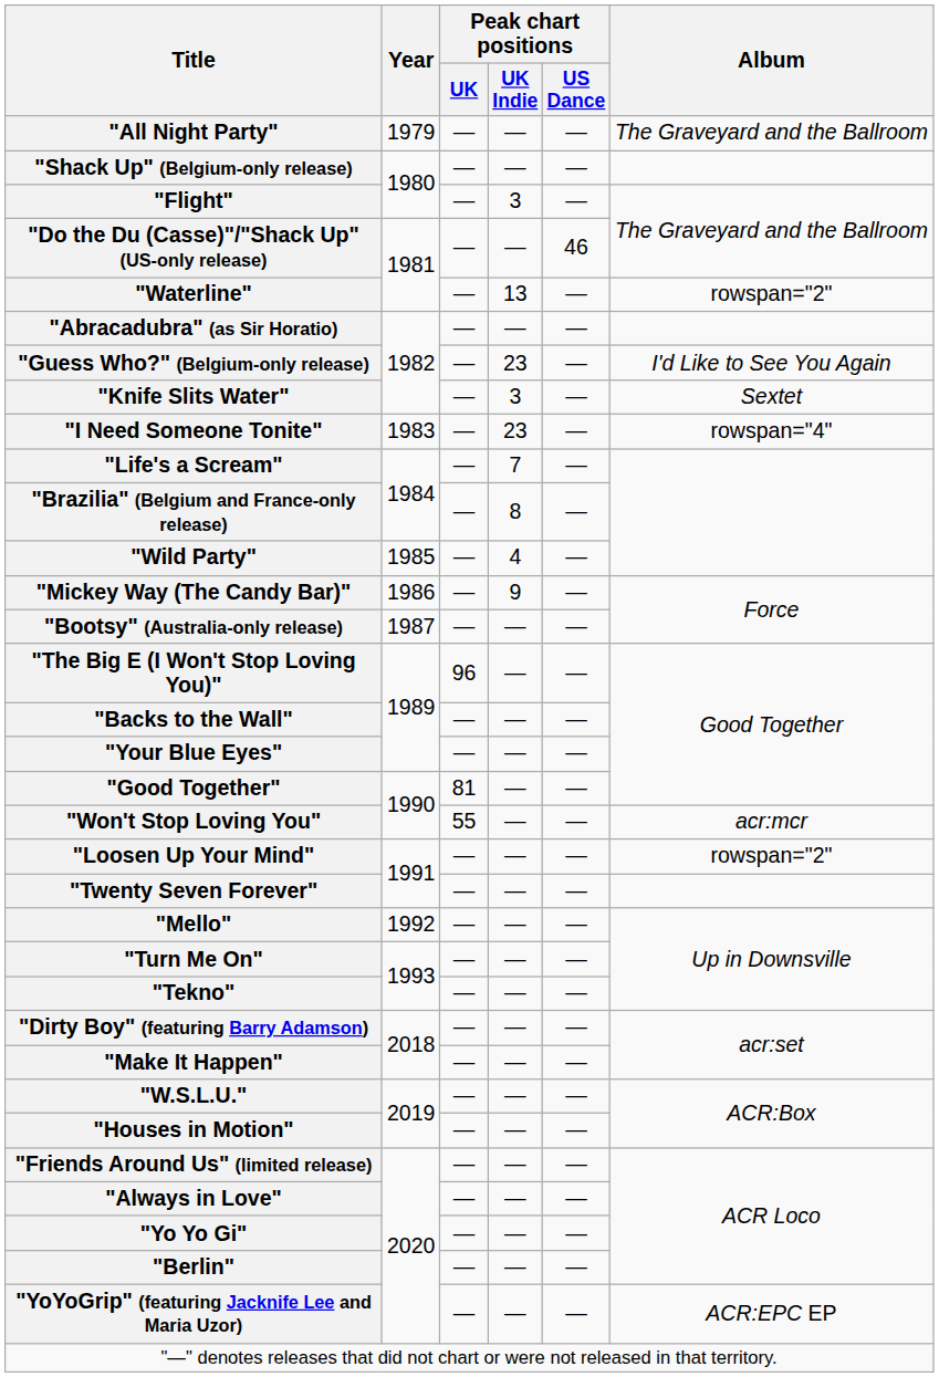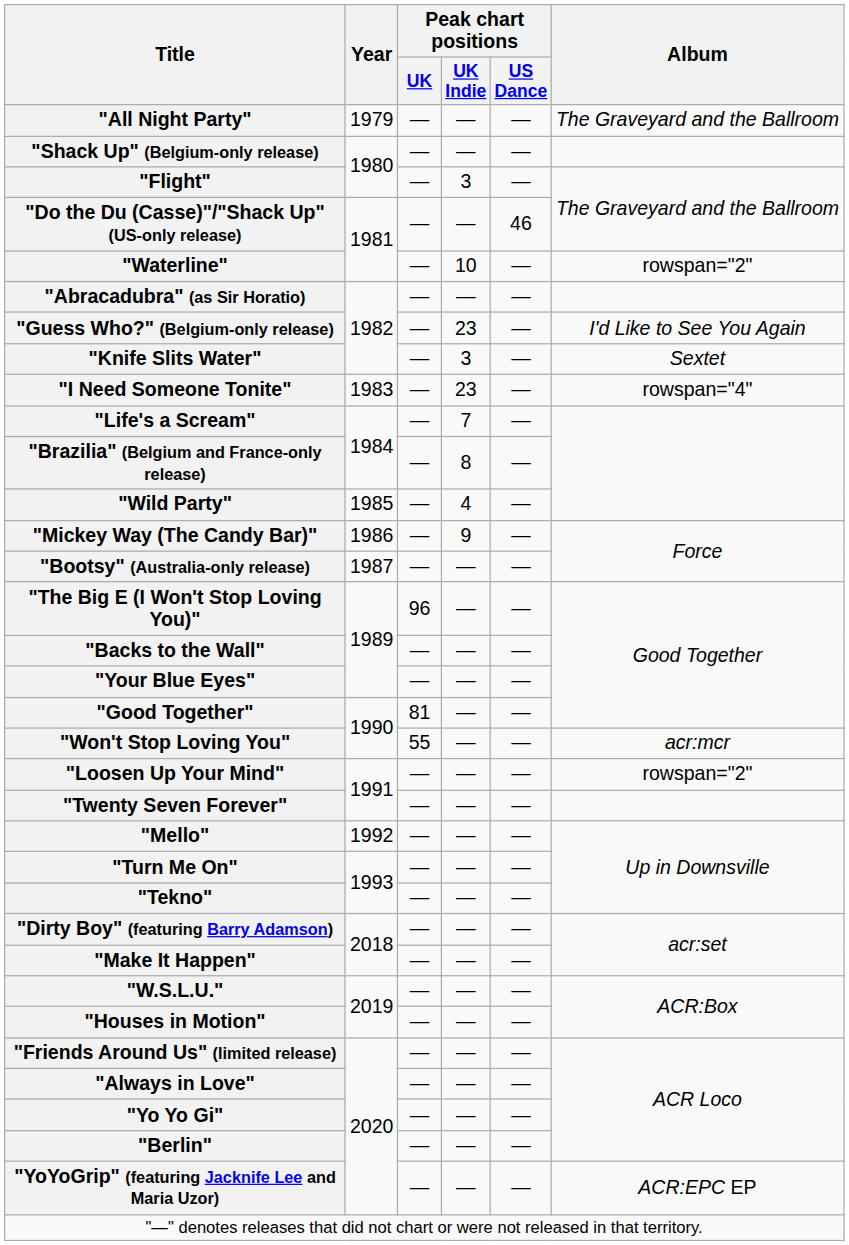 <table class="wikitable plainrowheaders" style="text-align:center;">
 <tr>
 <th rowspan="2" scope="col" style="width:17em;">Title</th>
 <th rowspan="2" scope="col" style="width:2em;">Year</th>
 <th colspan="3">Peak chart positions</th>
 <th rowspan="2">Album</th>
 </tr>
 <tr>
 <th scope="col" style="width:2em;font-size:90%;"><a href='#'>UK</a><br></th>
 <th scope="col" style="width:2em;font-size:90%;"><a href='#'>UK Indie</a><br></th>
 <th scope="col" style="width:2em;font-size:90%;"><a href='#'>US Dance</a><br></th>
 </tr>
 <tr>
 <th scope="row">"All Night Party"</th>
 <td>1979</td>
 <td>—</td>
 <td>—</td>
 <td>—</td>
 <td><em>The Graveyard and the Ballroom</em></td>
 </tr>
 <tr>
 <th scope="row">"Shack Up" <small>(Belgium-only release)</small></th>
 <td rowspan="2">1980</td>
 <td>—</td>
 <td>—</td>
 <td>—</td>
 <td></td>
 </tr>
 <tr>
 <th scope="row">"Flight"</th>
 <td>—</td>
 <td>3</td>
 <td>—</td>
 <td rowspan="2"><em>The Graveyard and the Ballroom</em></td>
 </tr>
 <tr>
 <th scope="row">"Do the Du (Casse)"/"Shack Up" <small>(US-only release)</small></th>
 <td rowspan="2">1981</td>
 <td>—</td>
 <td>—</td>
 <td>46</td>
 </tr>
 <tr>
 <th scope="row">"Waterline"</th>
 <td>—</td>
-<td>13</td>
+<td>10</td>
 <td>—</td>
 <td>rowspan="2" </td>
 </tr>
 <tr>
 <th scope="row">"Abracadubra" <small>(as Sir Horatio)</small></th>
 <td rowspan="3">1982</td>
 <td>—</td>
 <td>—</td>
 <td>—</td>
 </tr>
 <tr>
 <th scope="row">"Guess Who?" <small>(Belgium-only release)</small></th>
 <td>—</td>
 <td>23</td>
 <td>—</td>
 <td><em>I'd Like to See You Again</em></td>
 </tr>
 <tr>
 <th scope="row">"Knife Slits Water"</th>
 <td>—</td>
 <td>3</td>
 <td>—</td>
 <td><em>Sextet</em></td>
 </tr>
 <tr>
 <th scope="row">"I Need Someone Tonite"</th>
 <td>1983</td>
 <td>—</td>
 <td>23</td>
 <td>—</td>
 <td>rowspan="4" </td>
 </tr>
 <tr>
 <th scope="row">"Life's a Scream"</th>
 <td rowspan="2">1984</td>
 <td>—</td>
 <td>7</td>
 <td>—</td>
 </tr>
 <tr>
 <th scope="row">"Brazilia" <small>(Belgium and France-only release)</small></th>
 <td>—</td>
 <td>8</td>
 <td>—</td>
 </tr>
 <tr>
 <th scope="row">"Wild Party"</th>
 <td>1985</td>
 <td>—</td>
 <td>4</td>
 <td>—</td>
 </tr>
 <tr>
 <th scope="row">"Mickey Way (The Candy Bar)"</th>
 <td>1986</td>
 <td>—</td>
 <td>9</td>
 <td>—</td>
 <td rowspan="2"><em>Force</em></td>
 </tr>
 <tr>
 <th scope="row">"Bootsy" <small>(Australia-only release)</small></th>
 <td>1987</td>
 <td>—</td>
 <td>—</td>
 <td>—</td>
 </tr>
 <tr>
 <th scope="row">"The Big E (I Won't Stop Loving You)"</th>
 <td rowspan="3">1989</td>
 <td>96</td>
 <td>—</td>
 <td>—</td>
 <td rowspan="4"><em>Good Together</em></td>
 </tr>
 <tr>
 <th scope="row">"Backs to the Wall"</th>
 <td>—</td>
 <td>—</td>
 <td>—</td>
 </tr>
 <tr>
 <th scope="row">"Your Blue Eyes"</th>
 <td>—</td>
 <td>—</td>
 <td>—</td>
 </tr>
 <tr>
 <th scope="row">"Good Together"</th>
 <td rowspan="2">1990</td>
 <td>81</td>
 <td>—</td>
 <td>—</td>
 </tr>
 <tr>
 <th scope="row">"Won't Stop Loving You"</th>
 <td>55</td>
 <td>—</td>
 <td>—</td>
 <td><em>acr:mcr</em></td>
 </tr>
 <tr>
 <th scope="row">"Loosen Up Your Mind"</th>
 <td rowspan="2">1991</td>
 <td>—</td>
 <td>—</td>
 <td>—</td>
 <td>rowspan="2" </td>
 </tr>
 <tr>
 <th scope="row">"Twenty Seven Forever"</th>
 <td>—</td>
 <td>—</td>
 <td>—</td>
 </tr>
 <tr>
 <th scope="row">"Mello"</th>
 <td>1992</td>
 <td>—</td>
 <td>—</td>
 <td>—</td>
 <td rowspan="3"><em>Up in Downsville</em></td>
 </tr>
 <tr>
 <th scope="row">"Turn Me On"</th>
 <td rowspan="2">1993</td>
 <td>—</td>
 <td>—</td>
 <td>—</td>
 </tr>
 <tr>
 <th scope="row">"Tekno"</th>
 <td>—</td>
 <td>—</td>
 <td>—</td>
 </tr>
 <tr>
 <th scope="row">"Dirty Boy" <small>(featuring <a href='#'>Barry Adamson</a>)</small></th>
 <td rowspan="2">2018</td>
 <td>—</td>
 <td>—</td>
 <td>—</td>
 <td rowspan="2"><em>acr:set</em></td>
 </tr>
 <tr>
 <th scope="row">"Make It Happen"</th>
 <td>—</td>
 <td>—</td>
 <td>—</td>
 </tr>
 <tr>
 <th scope="row">"W.S.L.U."</th>
 <td rowspan="2">2019</td>
 <td>—</td>
 <td>—</td>
 <td>—</td>
 <td rowspan="2"><em>ACR:Box</em></td>
 </tr>
 <tr>
 <th scope="row">"Houses in Motion"</th>
 <td>—</td>
 <td>—</td>
 <td>—</td>
 </tr>
 <tr>
 <th scope="row">"Friends Around Us" <small>(limited release)</small></th>
 <td rowspan="5">2020</td>
 <td>—</td>
 <td>—</td>
 <td>—</td>
 <td rowspan="4"><em>ACR Loco</em></td>
 </tr>
 <tr>
 <th scope="row">"Always in Love"</th>
 <td>—</td>
 <td>—</td>
 <td>—</td>
 </tr>
 <tr>
 <th scope="row">"Yo Yo Gi"</th>
 <td>—</td>
 <td>—</td>
 <td>—</td>
 </tr>
 <tr>
 <th scope="row">"Berlin"</th>
 <td>—</td>
 <td>—</td>
 <td>—</td>
 </tr>
 <tr>
 <th scope="row">"YoYoGrip" <small>(featuring <a href='#'>Jacknife Lee</a> and Maria Uzor)</small></th>
 <td>—</td>
 <td>—</td>
 <td>—</td>
 <td><em>ACR:EPC</em> EP</td>
 </tr>
 <tr>
 <td colspan="6" style="font-size:85%">"—" denotes releases that did not chart or were not released in that territory.</td>
 </tr>
 </table>
